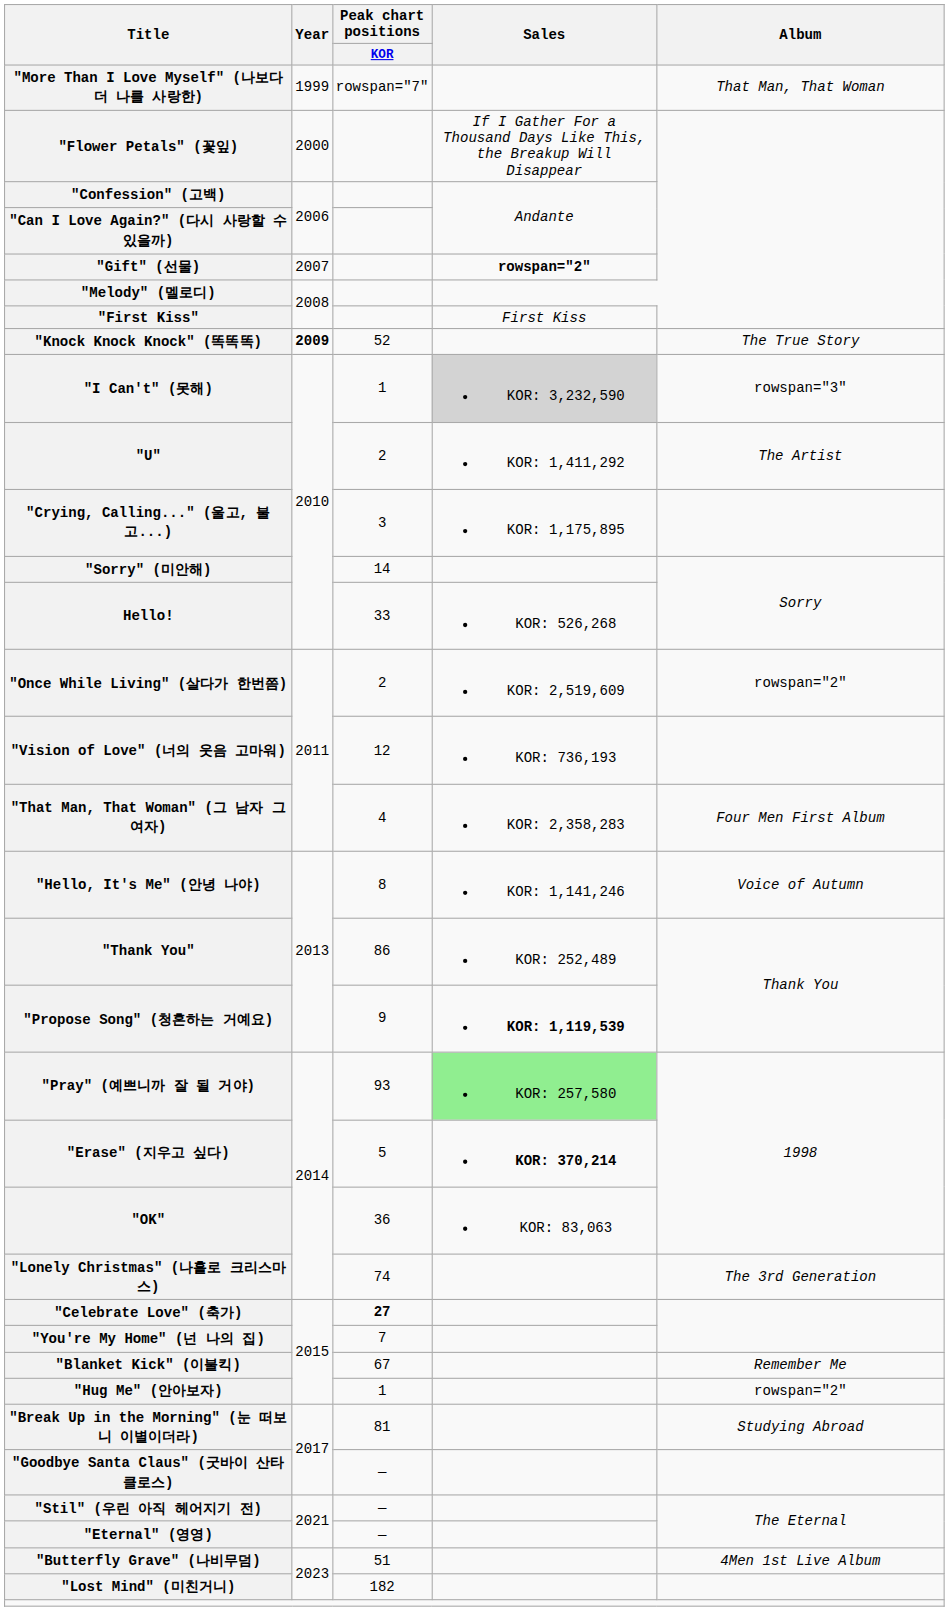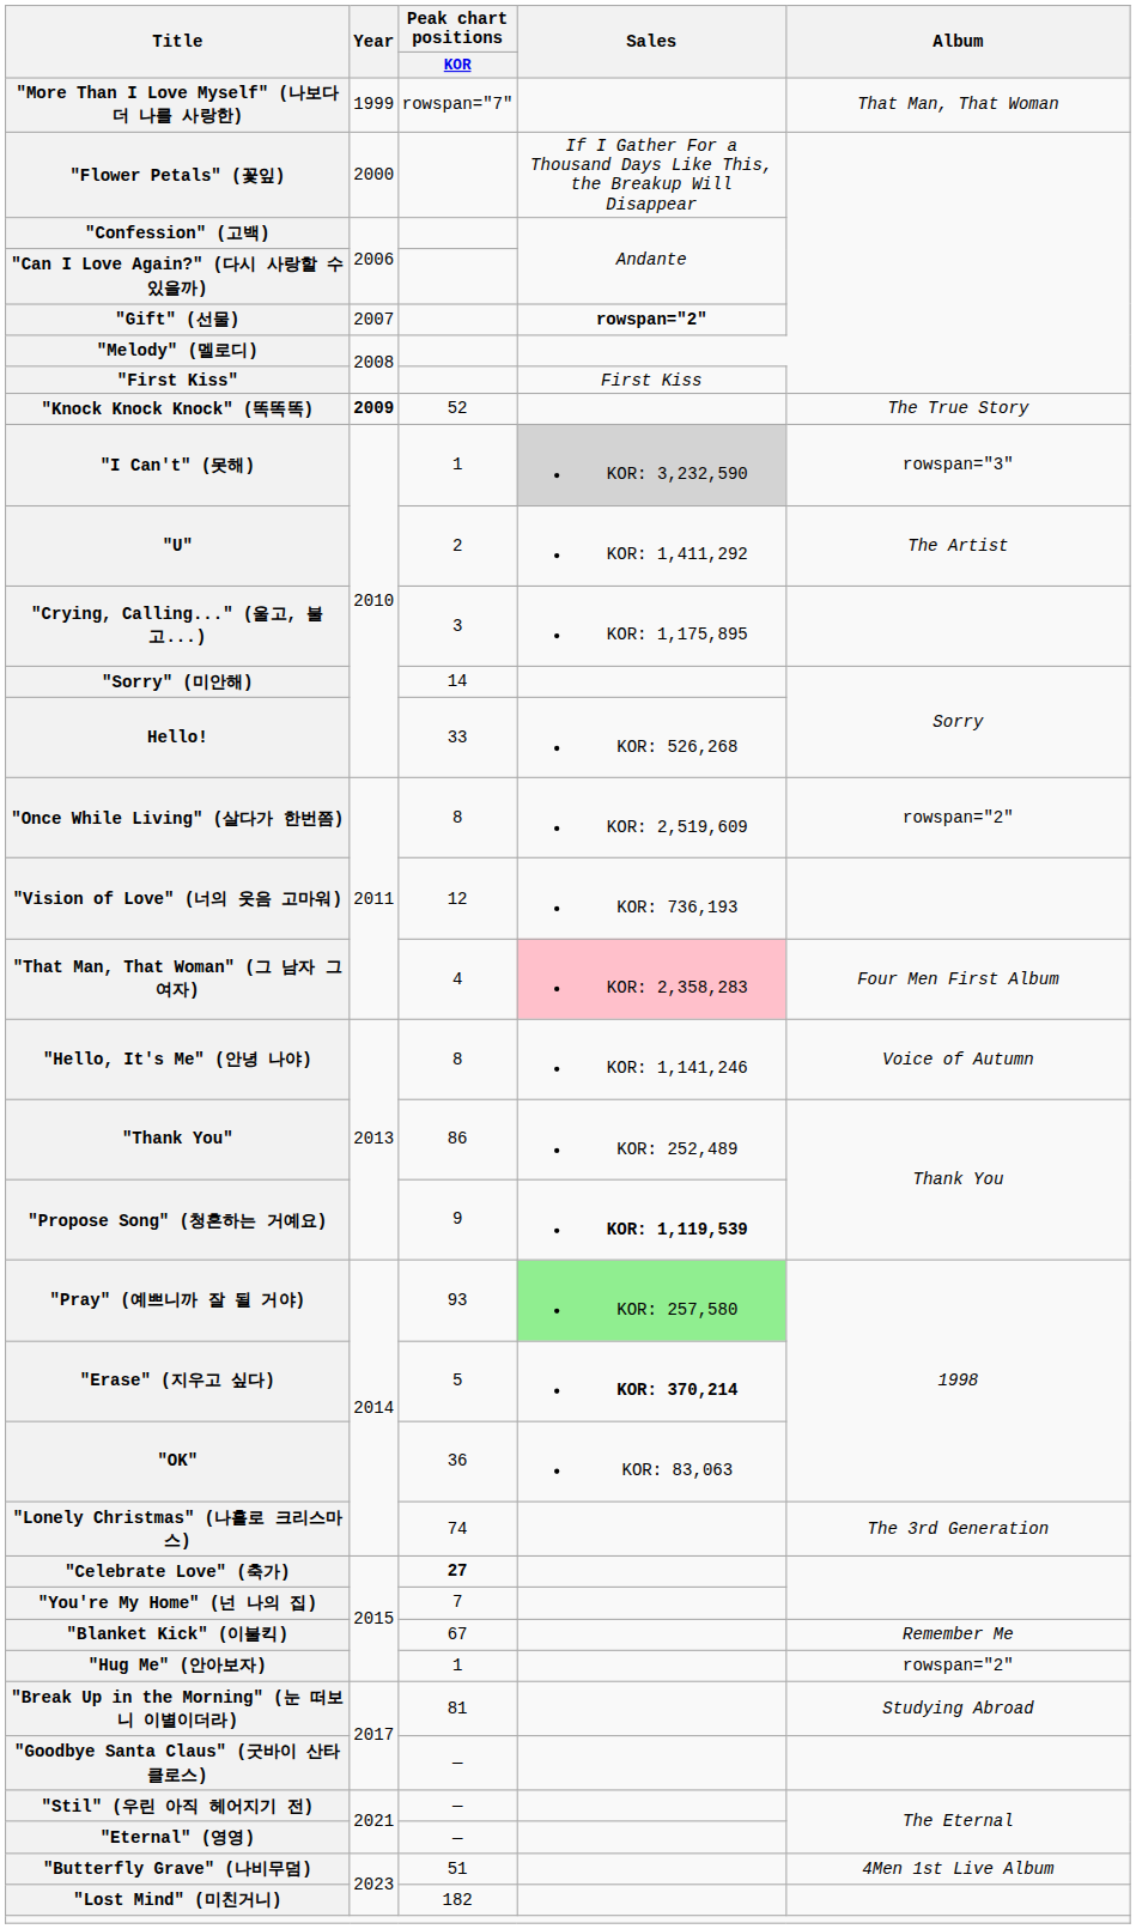 <table class="wikitable plainrowheaders" style="text-align:center;">
 <tr>
 <th rowspan="2" style="width:20em;">Title</th>
 <th rowspan="2">Year</th>
 <th>Peak chart positions</th>
 <th rowspan="2">Sales</th>
 <th rowspan="2" style="width:20em;">Album</th>
 </tr>
 <tr>
 <th style="width:3em;font-size:90%;"><a href='#'>KOR</a><br></th>
 </tr>
 <tr>
 <th scope="row">"More Than I Love Myself" (나보다 더 나를 사랑한)</th>
 <td>1999</td>
 <td>rowspan="7" </td>
 <td></td>
 <td><em>That Man, That Woman</em></td>
 </tr>
 <tr>
 <th scope="row">"Flower Petals" (꽃잎)</th>
 <td>2000</td>
 <td></td>
 <td><em>If I Gather For a Thousand Days Like This, the Breakup Will Disappear</em></td>
 </tr>
 <tr>
 <th scope="row">"Confession" (고백)</th>
 <td rowspan="2">2006</td>
 <td></td>
 <td rowspan="2"><em>Andante</em></td>
 </tr>
 <tr>
 <th scope="row">"Can I Love Again?" (다시 사랑할 수 있을까) </th>
 <td></td>
 </tr>
 <tr>
 <th scope="row">"Gift" (선물)</th>
 <td>2007</td>
 <td></td>
 <td><strong>rowspan="2" </strong></td>
 </tr>
 <tr>
 <th scope="row">"Melody" (멜로디) </th>
 <td rowspan="2">2008</td>
 <td></td>
 </tr>
 <tr>
 <th scope="row">"First Kiss"</th>
 <td></td>
 <td><em>First Kiss</em></td>
 </tr>
 <tr>
 <th scope="row">"Knock Knock Knock" (똑똑똑)</th>
 <td><strong>2009</strong></td>
 <td>52</td>
 <td></td>
 <td><em>The True Story</em></td>
 </tr>
 <tr>
 <th scope="row">"I Can't" (못해) </th>
 <td rowspan="5">2010</td>
 <td>1</td>
 <td style="background: lightgrey;"><br><ul><li>KOR: 3,232,590</li></ul></td>
 <td>rowspan="3" </td>
 </tr>
 <tr>
 <th scope="row">"U"</th>
 <td>2</td>
 <td><br><ul><li>KOR: 1,411,292</li></ul></td>
 <td><em>The Artist</em></td>
 </tr>
 <tr>
 <th scope="row">"Crying, Calling..." (울고, 불고...) </th>
 <td>3</td>
 <td><br><ul><li>KOR: 1,175,895</li></ul></td>
 </tr>
 <tr>
 <th scope="row">"Sorry" (미안해) </th>
 <td>14</td>
 <td></td>
 <td rowspan="2"><em>Sorry</em></td>
 </tr>
 <tr>
 <th scope="row">Hello!</th>
 <td>33</td>
 <td><br><ul><li>KOR: 526,268</li></ul></td>
 </tr>
 <tr>
 <th scope="row">"Once While Living" (살다가 한번쯤)</th>
 <td rowspan="3">2011</td>
-<td>2</td>
+<td>8</td>
 <td><br><ul><li>KOR: 2,519,609</li></ul></td>
 <td>rowspan="2" </td>
 </tr>
 <tr>
 <th scope="row">"Vision of Love" (너의 웃음 고마워)</th>
 <td>12</td>
 <td><br><ul><li>KOR: 736,193</li></ul></td>
 <td></td>
 </tr>
 <tr>
 <th scope="row">"That Man, That Woman" (그 남자 그 여자) </th>
 <td>4</td>
-<td><br><ul><li>KOR: 2,358,283</li></ul></td>
+<td style="background: pink;"><br><ul><li>KOR: 2,358,283</li></ul></td>
 <td><em>Four Men First Album</em></td>
 </tr>
 <tr>
 <th scope="row">"Hello, It's Me" (안녕 나야)</th>
 <td rowspan="3">2013</td>
 <td>8</td>
 <td><br><ul><li>KOR: 1,141,246</li></ul></td>
 <td><em>Voice of Autumn</em></td>
 </tr>
 <tr>
 <th scope="row">"Thank You"</th>
 <td>86</td>
 <td><br><ul><li>KOR: 252,489</li></ul></td>
 <td rowspan="2"><em>Thank You</em></td>
 </tr>
 <tr>
 <th scope="row">"Propose Song" (청혼하는 거예요)</th>
 <td>9</td>
 <td><strong><br><ul><li>KOR: 1,119,539</li></ul></strong></td>
 </tr>
 <tr>
 <th scope="row">"Pray" (예쁘니까 잘 될 거야)</th>
 <td rowspan="4">2014</td>
 <td>93</td>
 <td style="background: lightgreen;"><br><ul><li>KOR: 257,580</li></ul></td>
 <td rowspan="3"><em>1998</em></td>
 </tr>
 <tr>
 <th scope="row">"Erase" (지우고 싶다)</th>
 <td>5</td>
 <td><strong><br><ul><li>KOR: 370,214</li></ul></strong></td>
 </tr>
 <tr>
 <th scope="row">"OK"</th>
 <td>36</td>
 <td><br><ul><li>KOR: 83,063</li></ul></td>
 </tr>
 <tr>
 <th scope="row">"Lonely Christmas" (나홀로 크리스마스) </th>
 <td>74</td>
 <td></td>
 <td><em>The 3rd Generation</em></td>
 </tr>
 <tr>
 <th scope="row">"Celebrate Love" (축가) </th>
 <td rowspan="4">2015</td>
 <td><strong>27</strong></td>
 <td></td>
 </tr>
 <tr>
 <th scope="row">"You're My Home" (넌 나의 집)</th>
 <td>7</td>
 <td></td>
 </tr>
 <tr>
 <th scope="row">"Blanket Kick" (이불킥)</th>
 <td>67</td>
 <td></td>
 <td><em>Remember Me</em></td>
 </tr>
 <tr>
 <th scope="row">"Hug Me" (안아보자)</th>
 <td>1</td>
 <td></td>
 <td>rowspan="2" </td>
 </tr>
 <tr>
 <th scope="row">"Break Up in the Morning" (눈 떠보니 이별이더라)</th>
 <td rowspan="2">2017</td>
 <td>81</td>
 <td></td>
 <td><em>Studying Abroad</em></td>
 </tr>
 <tr>
 <th scope="row">"Goodbye Santa Claus" (굿바이 산타클로스) </th>
 <td>—</td>
 <td></td>
 <td></td>
 </tr>
 <tr>
 <th scope="row">"Stil" (우린 아직 헤어지기 전)</th>
 <td rowspan="2">2021</td>
 <td>—</td>
 <td></td>
 <td rowspan="2"><em>The Eternal</em></td>
 </tr>
 <tr>
 <th scope="row">"Eternal" (영영)</th>
 <td>—</td>
 <td></td>
 </tr>
 <tr>
 <th scope="row">"Butterfly Grave" (나비무덤)</th>
 <td rowspan="2">2023</td>
 <td>51</td>
 <td></td>
 <td><em>4Men 1st Live Album</em></td>
 </tr>
 <tr>
 <th scope="row">"Lost Mind" (미친거니)</th>
 <td>182</td>
 <td></td>
 </tr>
 <tr>
 <td colspan="5"></td>
 </tr>
 </table>
